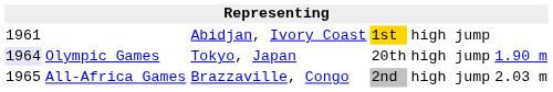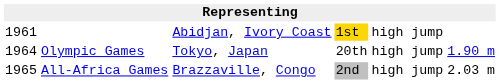 <table>
 <tr>
 <th bgcolor="#eeeeee" colspan="6">Representing </th>
 </tr>
 <tr>
 <td>1961</td>
 <td></td>
 <td><a href='#'>Abidjan</a>, <a href='#'>Ivory Coast</a></td>
 <td bgcolor="gold">1st</td>
 <td>high jump</td>
 <td></td>
 </tr>
 <tr>
-<td style="background: lavender;">1964</td>
+<td>1964</td>
 <td><a href='#'>Olympic Games</a></td>
 <td><a href='#'>Tokyo</a>, <a href='#'>Japan</a></td>
 <td>20th</td>
 <td>high jump</td>
 <td><a href='#'>1.90 m</a></td>
 </tr>
 <tr>
 <td>1965</td>
 <td><a href='#'>All-Africa Games</a></td>
 <td><a href='#'>Brazzaville</a>, <a href='#'>Congo</a></td>
 <td bgcolor="silver">2nd</td>
 <td>high jump</td>
 <td>2.03 m</td>
 </tr>
 <tr>
 </tr>
 </table>
